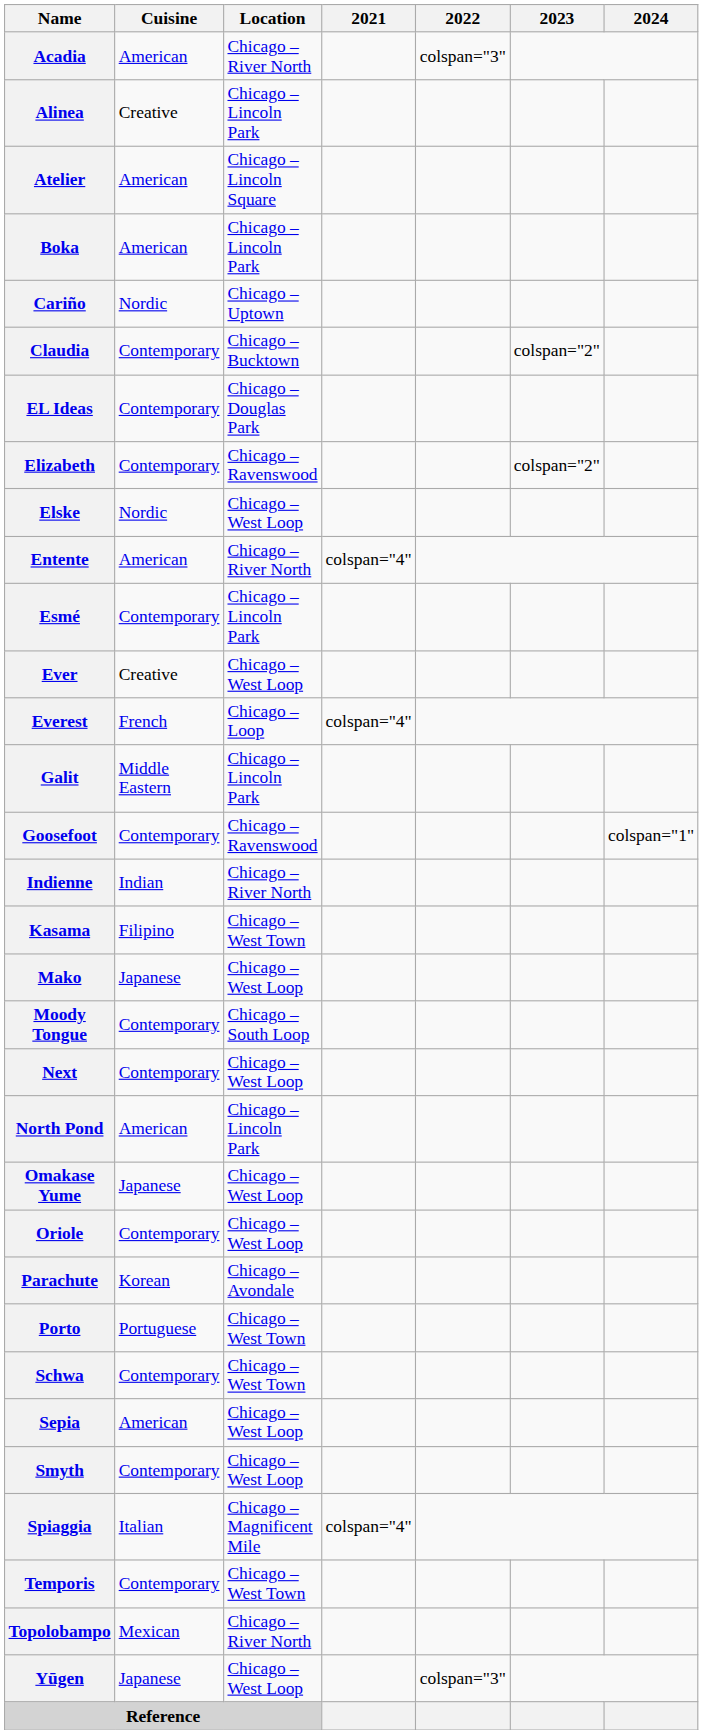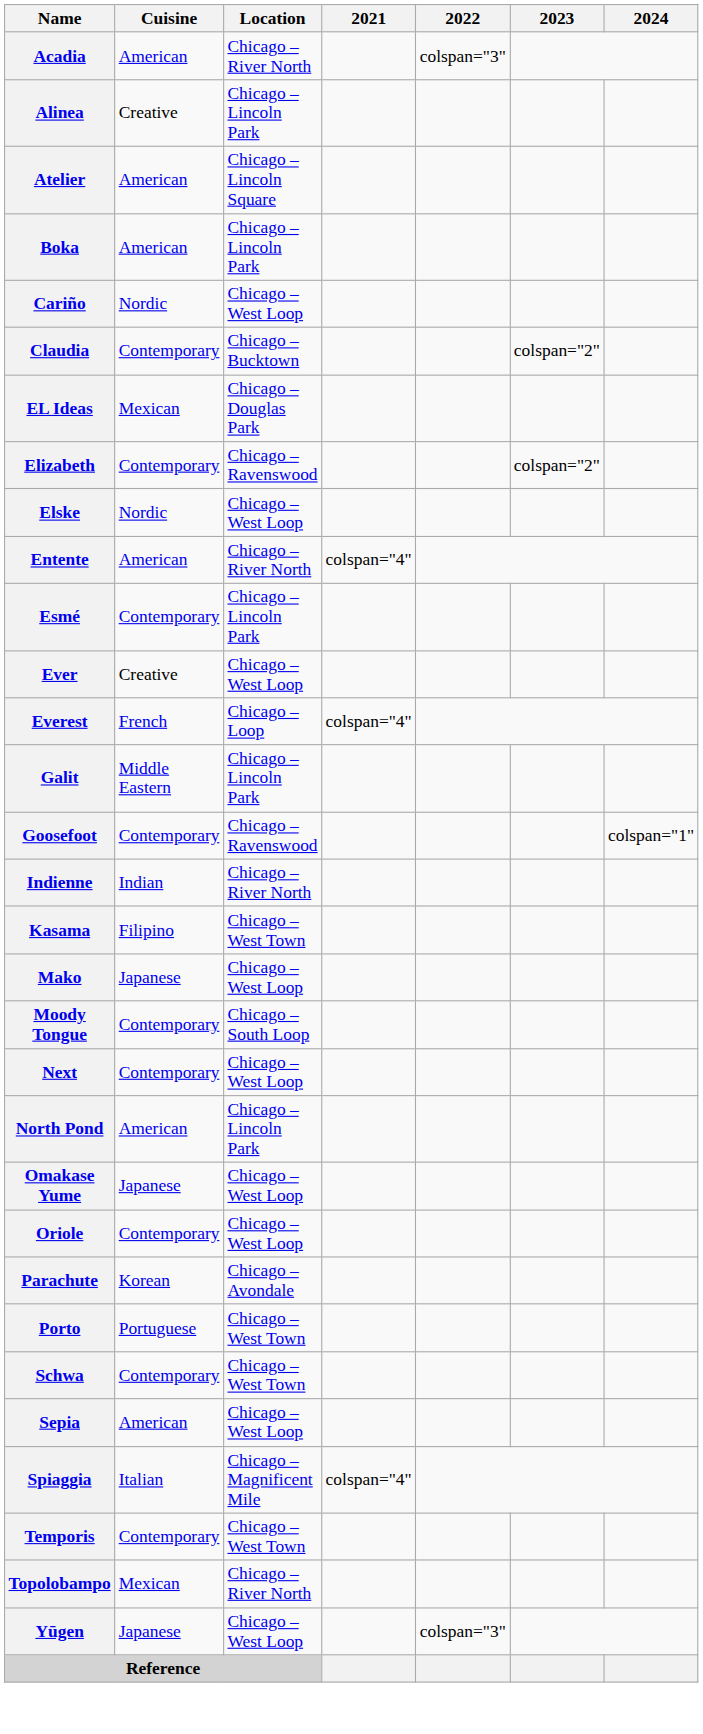 <table class="wikitable sortable plainrowheaders" style="text-align:left;"">
 <tr>
 <th scope="col">Name</th>
 <th scope="col">Cuisine</th>
 <th scope="col">Location</th>
 <th scope="col">2021</th>
 <th scope="col">2022</th>
 <th scope="col">2023</th>
 <th scope="col">2024</th>
 </tr>
 <tr>
 <th scope="row"><a href='#'>Acadia</a></th>
 <td><a href='#'>American</a></td>
 <td><a href='#'>Chicago – River North</a></td>
 <td></td>
 <td>colspan="3" </td>
 </tr>
 <tr>
 <th scope="row"><a href='#'>Alinea</a></th>
 <td>Creative</td>
 <td><a href='#'>Chicago – Lincoln Park</a></td>
 <td></td>
 <td></td>
 <td></td>
 <td></td>
 </tr>
 <tr>
 <th scope="row"><a href='#'>Atelier</a></th>
 <td><a href='#'>American</a></td>
 <td><a href='#'>Chicago – Lincoln Square</a></td>
 <td></td>
 <td></td>
 <td></td>
 <td></td>
 </tr>
 <tr>
 <th scope="row"><a href='#'>Boka</a></th>
 <td><a href='#'>American</a></td>
 <td><a href='#'>Chicago – Lincoln Park</a></td>
 <td></td>
 <td></td>
 <td></td>
 <td></td>
 </tr>
 <tr>
 <th scope="row"><a href='#'>Cariño</a></th>
 <td><a href='#'>Nordic</a></td>
-<td><a href='#'>Chicago – Uptown</a></td>
+<td><a href='#'>Chicago – West Loop</a></td>
 <td></td>
 <td></td>
 <td></td>
 <td></td>
 </tr>
 <tr>
 <th scope="row"><a href='#'>Claudia</a></th>
 <td><a href='#'>Contemporary</a></td>
 <td><a href='#'>Chicago – Bucktown</a></td>
 <td></td>
 <td></td>
 <td>colspan="2" </td>
 </tr>
 <tr>
 <th scope="row"><a href='#'>EL Ideas</a></th>
-<td><a href='#'>Contemporary</a></td>
+<td><a href='#'>Mexican</a></td>
 <td><a href='#'>Chicago – Douglas Park</a></td>
 <td></td>
 <td></td>
 <td></td>
 <td></td>
 </tr>
 <tr>
 <th scope="row"><a href='#'>Elizabeth</a></th>
 <td><a href='#'>Contemporary</a></td>
 <td><a href='#'>Chicago – Ravenswood</a></td>
 <td></td>
 <td></td>
 <td>colspan="2" </td>
 </tr>
 <tr>
 <th scope="row"><a href='#'>Elske</a></th>
 <td><a href='#'>Nordic</a></td>
 <td><a href='#'>Chicago – West Loop</a></td>
 <td></td>
 <td></td>
 <td></td>
 <td></td>
 </tr>
 <tr>
 <th scope="row"><a href='#'>Entente</a></th>
 <td><a href='#'>American</a></td>
 <td><a href='#'>Chicago – River North</a></td>
 <td>colspan="4" </td>
 </tr>
 <tr>
 <th scope="row"><a href='#'>Esmé</a></th>
 <td><a href='#'>Contemporary</a></td>
 <td><a href='#'>Chicago – Lincoln Park</a></td>
 <td></td>
 <td></td>
 <td></td>
 <td></td>
 </tr>
 <tr>
 <th scope="row"><a href='#'>Ever</a></th>
 <td>Creative</td>
 <td><a href='#'>Chicago – West Loop</a></td>
 <td></td>
 <td></td>
 <td></td>
 <td></td>
 </tr>
 <tr>
 <th scope="row"><a href='#'>Everest</a></th>
 <td><a href='#'>French</a></td>
 <td><a href='#'>Chicago – Loop</a></td>
 <td>colspan="4" </td>
 </tr>
 <tr>
 <th scope="row"><a href='#'>Galit</a></th>
 <td><a href='#'>Middle Eastern</a></td>
 <td><a href='#'>Chicago – Lincoln Park</a></td>
 <td></td>
 <td></td>
 <td></td>
 <td></td>
 </tr>
 <tr>
 <th scope="row"><a href='#'>Goosefoot</a></th>
 <td><a href='#'>Contemporary</a></td>
 <td><a href='#'>Chicago – Ravenswood</a></td>
 <td></td>
 <td></td>
 <td></td>
 <td>colspan="1"  </td>
 </tr>
 <tr>
 <th scope="row"><a href='#'>Indienne</a></th>
 <td><a href='#'>Indian</a></td>
 <td><a href='#'>Chicago – River North</a></td>
 <td></td>
 <td></td>
 <td></td>
 <td></td>
 </tr>
 <tr>
 <th scope="row"><a href='#'>Kasama</a></th>
 <td><a href='#'>Filipino</a></td>
 <td><a href='#'>Chicago – West Town</a></td>
 <td></td>
 <td></td>
 <td></td>
 <td></td>
 </tr>
 <tr>
 <th scope="row"><a href='#'>Mako</a></th>
 <td><a href='#'>Japanese</a></td>
 <td><a href='#'>Chicago – West Loop</a></td>
 <td></td>
 <td></td>
 <td></td>
 <td></td>
 </tr>
 <tr>
 <th scope="row"><a href='#'>Moody Tongue</a></th>
 <td><a href='#'>Contemporary</a></td>
 <td><a href='#'>Chicago – South Loop</a></td>
 <td></td>
 <td></td>
 <td></td>
 <td></td>
 </tr>
 <tr>
 <th scope="row"><a href='#'>Next</a></th>
 <td><a href='#'>Contemporary</a></td>
 <td><a href='#'>Chicago – West Loop</a></td>
 <td></td>
 <td></td>
 <td></td>
 <td></td>
 </tr>
 <tr>
 <th scope="row"><a href='#'>North Pond</a></th>
 <td><a href='#'>American</a></td>
 <td><a href='#'>Chicago – Lincoln Park</a></td>
 <td></td>
 <td></td>
 <td></td>
 <td></td>
 </tr>
 <tr>
 <th scope="row"><a href='#'>Omakase Yume</a></th>
 <td><a href='#'>Japanese</a></td>
 <td><a href='#'>Chicago – West Loop</a></td>
 <td></td>
 <td></td>
 <td></td>
 <td></td>
 </tr>
 <tr>
 <th scope="row"><a href='#'>Oriole</a></th>
 <td><a href='#'>Contemporary</a></td>
 <td><a href='#'>Chicago – West Loop</a></td>
 <td></td>
 <td></td>
 <td></td>
 <td></td>
 </tr>
 <tr>
 <th scope="row"><a href='#'>Parachute</a></th>
 <td><a href='#'>Korean</a></td>
 <td><a href='#'>Chicago – Avondale</a></td>
 <td></td>
 <td></td>
 <td></td>
 <td></td>
 </tr>
 <tr>
 <th scope="row"><a href='#'>Porto</a></th>
 <td><a href='#'>Portuguese</a></td>
 <td><a href='#'>Chicago – West Town</a></td>
 <td></td>
 <td></td>
 <td></td>
 <td></td>
 </tr>
 <tr>
 <th scope="row"><a href='#'>Schwa</a></th>
 <td><a href='#'>Contemporary</a></td>
 <td><a href='#'>Chicago – West Town</a></td>
 <td></td>
 <td></td>
 <td></td>
 <td></td>
 </tr>
 <tr>
 <th scope="row"><a href='#'>Sepia</a></th>
 <td><a href='#'>American</a></td>
 <td><a href='#'>Chicago – West Loop</a></td>
 <td></td>
 <td></td>
 <td></td>
 <td></td>
 </tr>
 <tr>
-<th scope="row"><a href='#'>Smyth</a></th>
-<td><a href='#'>Contemporary</a></td>
-<td><a href='#'>Chicago – West Loop</a></td>
-<td></td>
-<td></td>
-<td></td>
-<td></td>
-</tr>
-<tr>
 <th scope="row"><a href='#'>Spiaggia</a></th>
 <td><a href='#'>Italian</a></td>
 <td><a href='#'>Chicago – Magnificent Mile</a></td>
 <td>colspan="4" </td>
 </tr>
 <tr>
 <th scope="row"><a href='#'>Temporis</a></th>
 <td><a href='#'>Contemporary</a></td>
 <td><a href='#'>Chicago – West Town</a></td>
 <td></td>
 <td></td>
 <td></td>
 <td></td>
 </tr>
 <tr>
 <th scope="row"><a href='#'>Topolobampo</a></th>
 <td><a href='#'>Mexican</a></td>
 <td><a href='#'>Chicago – River North</a></td>
 <td></td>
 <td></td>
 <td></td>
 <td></td>
 </tr>
 <tr>
 <th scope="row"><a href='#'>Yūgen</a></th>
 <td><a href='#'>Japanese</a></td>
 <td><a href='#'>Chicago – West Loop</a></td>
 <td></td>
 <td>colspan="3" </td>
 </tr>
 <tr>
 <th colspan="3" style="text-align: center;background: lightgray;">Reference</th>
 <th></th>
 <th></th>
 <th></th>
 <th></th>
 </tr>
 </table>
